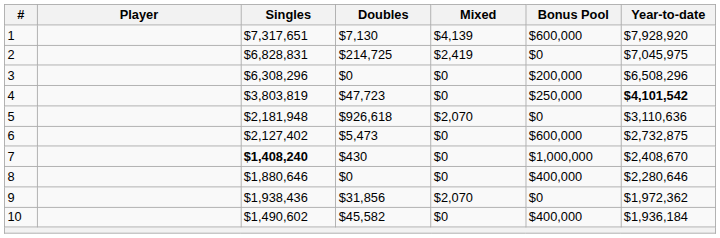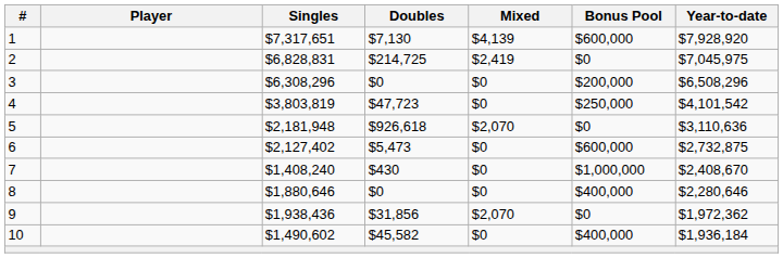 <table class="sortable wikitable" style="font-size:90%">
 <tr>
 <th style="width:30px;">#</th>
 <th style="width:222px;">Player</th>
 <th style="width:100px;">Singles</th>
 <th style="width:100px;">Doubles</th>
 <th style="width:100px;">Mixed</th>
 <th style="width:100px;">Bonus Pool</th>
 <th style="width:100px;">Year-to-date</th>
 </tr>
 <tr style="text-align:left;">
 <td>1</td>
 <td style="text-align:left;"></td>
 <td>$7,317,651</td>
 <td>$7,130</td>
 <td>$4,139</td>
 <td>$600,000</td>
 <td>$7,928,920</td>
 </tr>
 <tr style="text-align:left;">
 <td>2</td>
 <td style="text-align:left;"></td>
 <td>$6,828,831</td>
 <td>$214,725</td>
 <td>$2,419</td>
 <td>$0</td>
 <td>$7,045,975</td>
 </tr>
 <tr style="text-align:left;">
 <td>3</td>
 <td style="text-align:left;"></td>
 <td>$6,308,296</td>
 <td>$0</td>
 <td>$0</td>
 <td>$200,000</td>
 <td>$6,508,296</td>
 </tr>
 <tr style="text-align:left;">
 <td>4</td>
 <td style="text-align:left;"></td>
 <td>$3,803,819</td>
 <td>$47,723</td>
 <td>$0</td>
 <td>$250,000</td>
-<td><strong>$4,101,542</strong></td>
+<td>$4,101,542</td>
 </tr>
 <tr style="text-align:left;">
 <td>5</td>
 <td style="text-align:left;"></td>
 <td>$2,181,948</td>
 <td>$926,618</td>
 <td>$2,070</td>
 <td>$0</td>
 <td>$3,110,636</td>
 </tr>
 <tr style="text-align:left;">
 <td>6</td>
 <td style="text-align:left;"></td>
 <td>$2,127,402</td>
 <td>$5,473</td>
 <td>$0</td>
 <td>$600,000</td>
 <td>$2,732,875</td>
 </tr>
 <tr style="text-align:left;">
 <td>7</td>
 <td style="text-align:left;"></td>
-<td><strong>$1,408,240</strong></td>
+<td>$1,408,240</td>
 <td>$430</td>
 <td>$0</td>
 <td>$1,000,000</td>
 <td>$2,408,670</td>
 </tr>
 <tr style="text-align:left;">
 <td>8</td>
 <td style="text-align:left;"></td>
 <td>$1,880,646</td>
 <td>$0</td>
 <td>$0</td>
 <td>$400,000</td>
 <td>$2,280,646</td>
 </tr>
 <tr style="text-align:left;">
 <td>9</td>
 <td style="text-align:left;"></td>
 <td>$1,938,436</td>
 <td>$31,856</td>
 <td>$2,070</td>
 <td>$0</td>
 <td>$1,972,362</td>
 </tr>
 <tr style="text-align:left;">
 <td>10</td>
 <td style="text-align:left;"></td>
 <td>$1,490,602</td>
 <td>$45,582</td>
 <td>$0</td>
 <td>$400,000</td>
 <td>$1,936,184</td>
 </tr>
 <tr class="sortbottom">
 <th colspan=7></th>
 </tr>
 </table>
